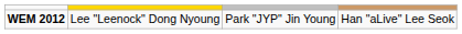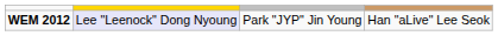 <table class="wikitable" style="text-align:left">
 <tr>
 <td></td>
 <td style="text-align:center" bgcolor="gold"></td>
 <td style="text-align:center" bgcolor="silver"></td>
 <td style="text-align:center" bgcolor="CC9966"></td>
 </tr>
 <tr>
 <td style="text-align:center"><strong>WEM 2012</strong></td>
-<td>Lee "Leenock" Dong Nyoung</td>
+<td style="background: lavender;">Lee "Leenock" Dong Nyoung</td>
 <td>Park "JYP" Jin Young</td>
 <td>Han "aLive" Lee Seok</td>
 </tr>
 </table>
